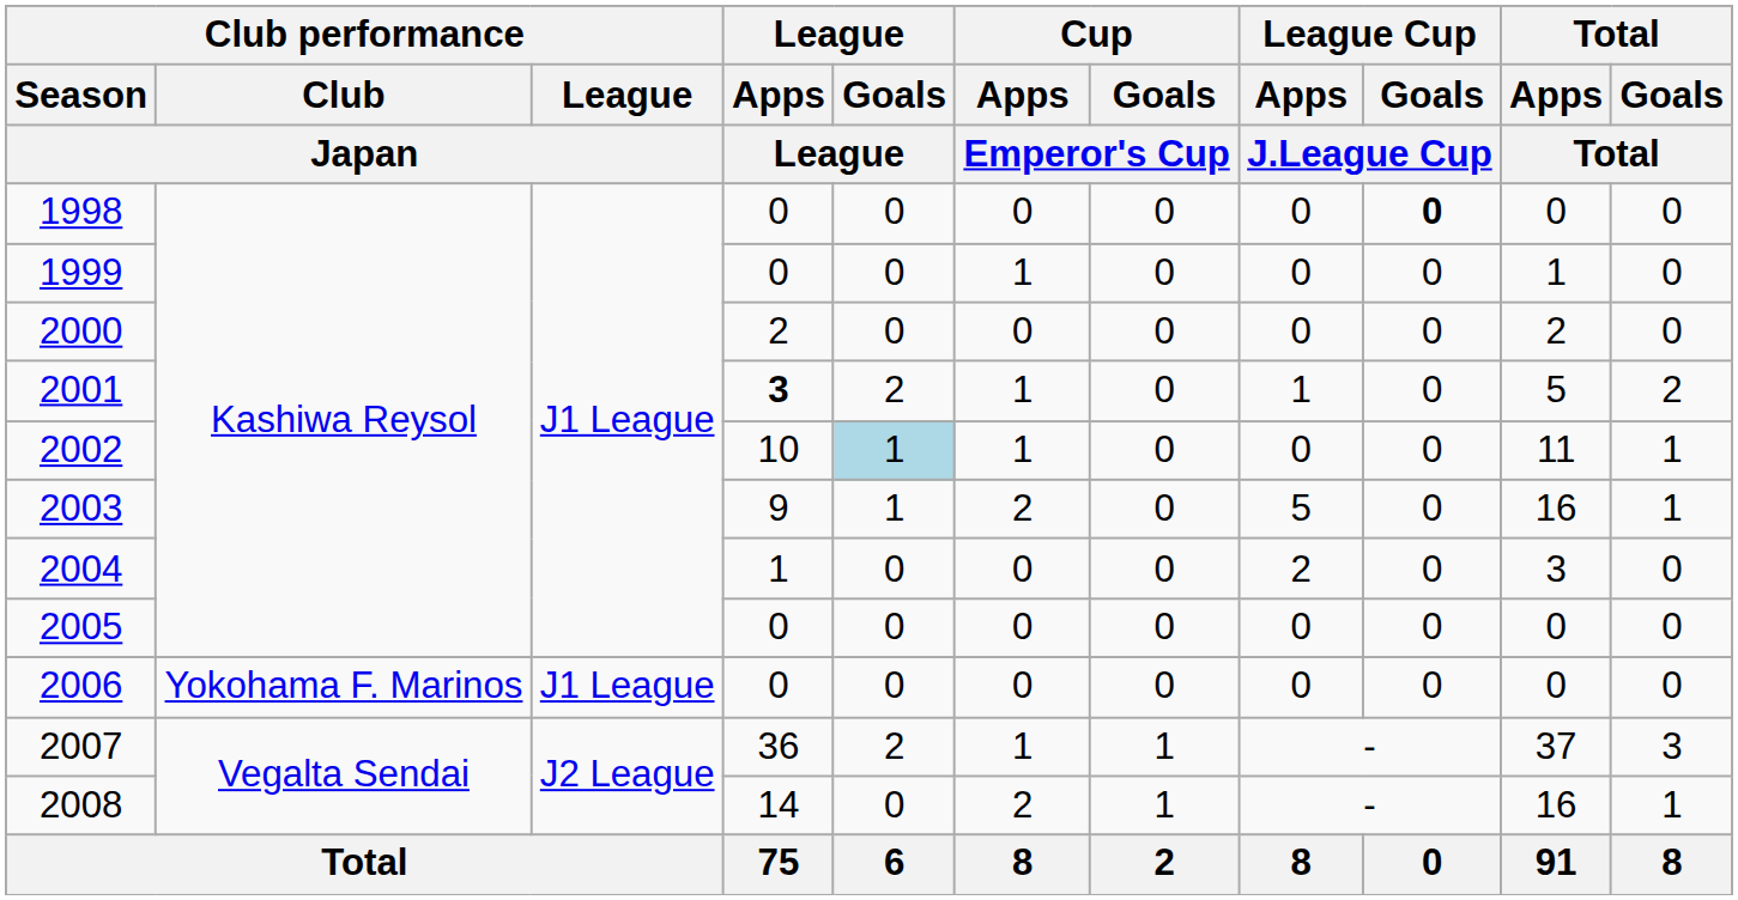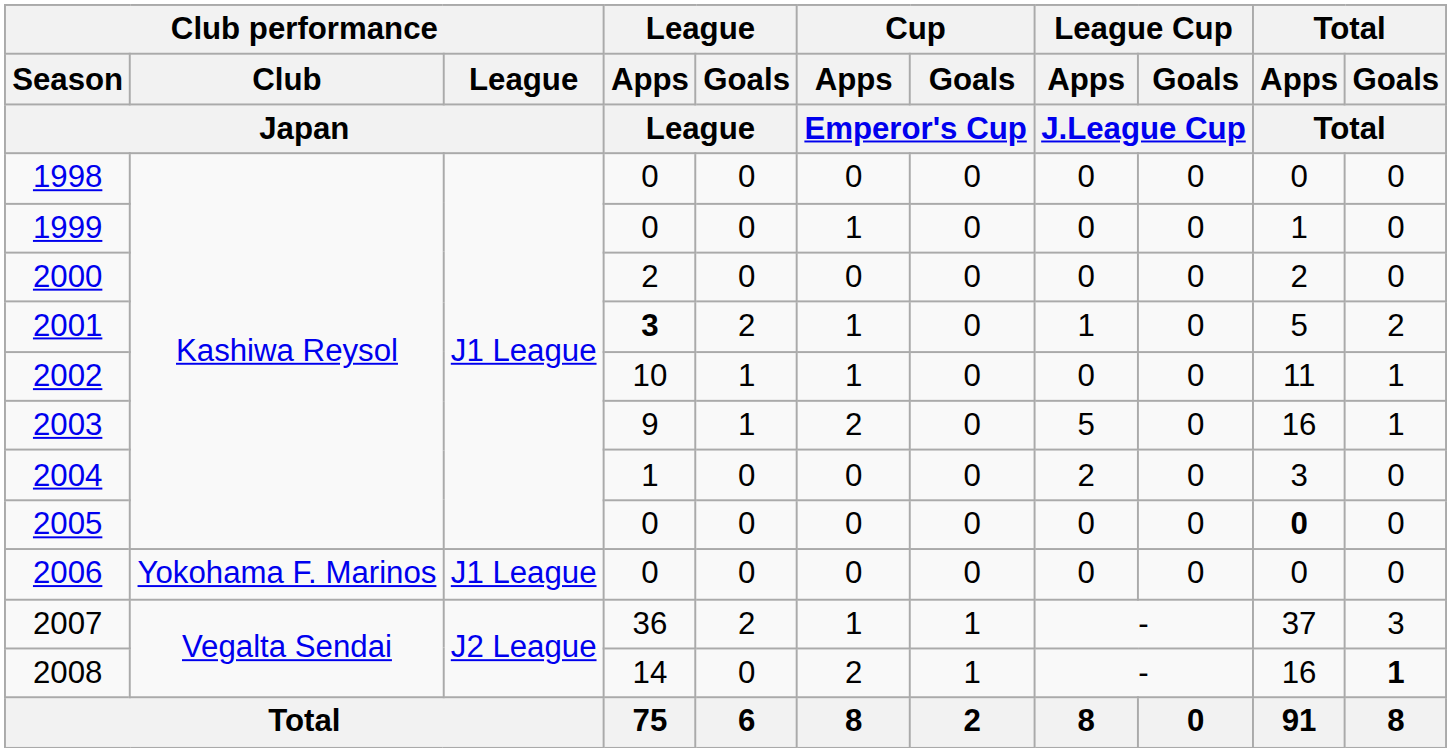 <table class="wikitable" style="text-align:center;">
 <tr>
 <th colspan=3>Club performance</th>
 <th colspan=2>League</th>
 <th colspan=2>Cup</th>
 <th colspan=2>League Cup</th>
 <th colspan=2>Total</th>
 </tr>
 <tr>
 <th>Season</th>
 <th>Club</th>
 <th>League</th>
 <th>Apps</th>
 <th>Goals</th>
 <th>Apps</th>
 <th>Goals</th>
 <th>Apps</th>
 <th>Goals</th>
 <th>Apps</th>
 <th>Goals</th>
 </tr>
 <tr>
 <th colspan=3>Japan</th>
 <th colspan=2>League</th>
 <th colspan=2><a href='#'>Emperor's Cup</a></th>
 <th colspan=2><a href='#'>J.League Cup</a></th>
 <th colspan=2>Total</th>
 </tr>
 <tr>
 <td><a href='#'>1998</a></td>
 <td rowspan="8"><a href='#'>Kashiwa Reysol</a></td>
 <td rowspan="8"><a href='#'>J1 League</a></td>
 <td>0</td>
 <td>0</td>
 <td>0</td>
 <td>0</td>
 <td>0</td>
-<td><strong>0</strong></td>
+<td>0</td>
 <td>0</td>
 <td>0</td>
 </tr>
 <tr>
 <td><a href='#'>1999</a></td>
 <td>0</td>
 <td>0</td>
 <td>1</td>
 <td>0</td>
 <td>0</td>
 <td>0</td>
 <td>1</td>
 <td>0</td>
 </tr>
 <tr>
 <td><a href='#'>2000</a></td>
 <td>2</td>
 <td>0</td>
 <td>0</td>
 <td>0</td>
 <td>0</td>
 <td>0</td>
 <td>2</td>
 <td>0</td>
 </tr>
 <tr>
 <td><a href='#'>2001</a></td>
 <td><strong>3</strong></td>
 <td>2</td>
 <td>1</td>
 <td>0</td>
 <td>1</td>
 <td>0</td>
 <td>5</td>
 <td>2</td>
 </tr>
 <tr>
 <td><a href='#'>2002</a></td>
 <td>10</td>
-<td style="background: lightblue;">1</td>
+<td>1</td>
 <td>1</td>
 <td>0</td>
 <td>0</td>
 <td>0</td>
 <td>11</td>
 <td>1</td>
 </tr>
 <tr>
 <td><a href='#'>2003</a></td>
 <td>9</td>
 <td>1</td>
 <td>2</td>
 <td>0</td>
 <td>5</td>
 <td>0</td>
 <td>16</td>
 <td>1</td>
 </tr>
 <tr>
 <td><a href='#'>2004</a></td>
 <td>1</td>
 <td>0</td>
 <td>0</td>
 <td>0</td>
 <td>2</td>
 <td>0</td>
 <td>3</td>
 <td>0</td>
 </tr>
 <tr>
 <td><a href='#'>2005</a></td>
 <td>0</td>
 <td>0</td>
 <td>0</td>
 <td>0</td>
 <td>0</td>
 <td>0</td>
-<td>0</td>
+<td><strong>0</strong></td>
 <td>0</td>
 </tr>
 <tr>
 <td><a href='#'>2006</a></td>
 <td><a href='#'>Yokohama F. Marinos</a></td>
 <td><a href='#'>J1 League</a></td>
 <td>0</td>
 <td>0</td>
 <td>0</td>
 <td>0</td>
 <td>0</td>
 <td>0</td>
 <td>0</td>
 <td>0</td>
 </tr>
 <tr>
 <td>2007</td>
 <td rowspan="2"><a href='#'>Vegalta Sendai</a></td>
 <td rowspan="2"><a href='#'>J2 League</a></td>
 <td>36</td>
 <td>2</td>
 <td>1</td>
 <td>1</td>
 <td colspan="2">-</td>
 <td>37</td>
 <td>3</td>
 </tr>
 <tr>
 <td>2008</td>
 <td>14</td>
 <td>0</td>
 <td>2</td>
 <td>1</td>
 <td colspan="2">-</td>
 <td>16</td>
-<td>1</td>
+<td><strong>1</strong></td>
 </tr>
 <tr>
 <th colspan=3>Total</th>
 <th>75</th>
 <th>6</th>
 <th>8</th>
 <th>2</th>
 <th>8</th>
 <th>0</th>
 <th>91</th>
 <th>8</th>
 </tr>
 </table>
